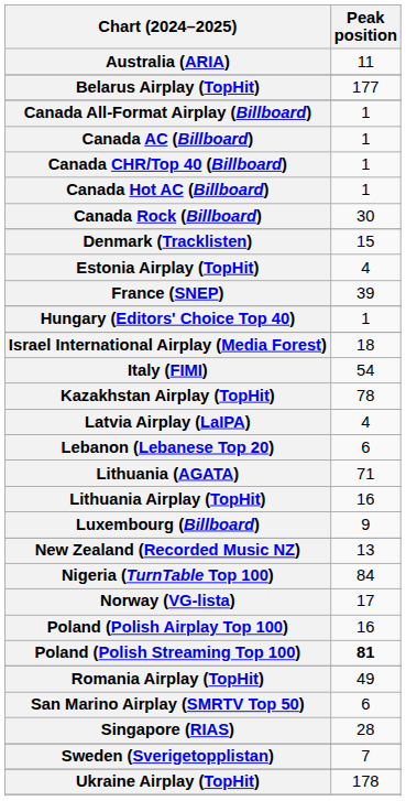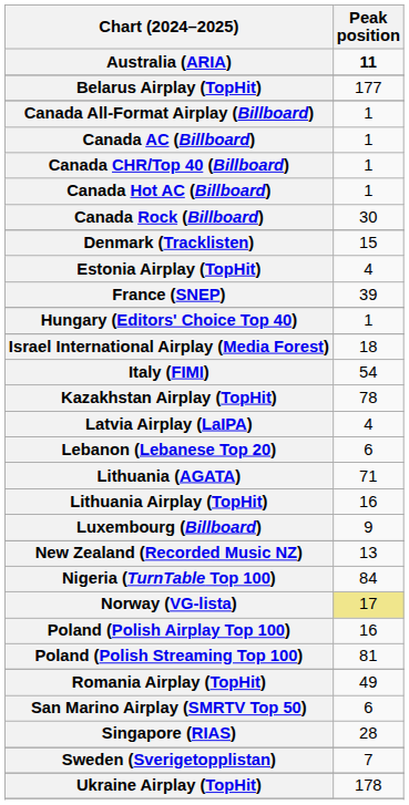 <table class="wikitable sortable plainrowheaders" style="text-align:center">
 <tr>
 <th scope="col">Chart (2024–2025)</th>
 <th scope="col">Peak<br>position</th>
 </tr>
 <tr>
 <th scope="row">Australia (<a href='#'>ARIA</a>)</th>
-<td>11</td>
+<td><strong>11</strong></td>
 </tr>
 <tr>
 </tr>
 <tr>
 <th scope="row">Belarus Airplay (<a href='#'>TopHit</a>)</th>
 <td>177</td>
 </tr>
 <tr>
 </tr>
 <tr>
 </tr>
 <tr>
 </tr>
 <tr>
 <th scope="row">Canada All-Format Airplay (<em><a href='#'>Billboard</a></em>)</th>
 <td>1</td>
 </tr>
 <tr>
 <th scope="row">Canada <a href='#'>AC</a> (<em><a href='#'>Billboard</a></em>)</th>
 <td>1</td>
 </tr>
 <tr>
 <th scope="row">Canada <a href='#'>CHR/Top 40</a> (<em><a href='#'>Billboard</a></em>)</th>
 <td>1</td>
 </tr>
 <tr>
 <th scope="row">Canada <a href='#'>Hot AC</a> (<em><a href='#'>Billboard</a></em>)</th>
 <td>1</td>
 </tr>
 <tr>
 <th scope="row">Canada <a href='#'>Rock</a> (<em><a href='#'>Billboard</a></em>)</th>
 <td>30</td>
 </tr>
 <tr>
 </tr>
 <tr>
 </tr>
 <tr>
 </tr>
 <tr>
 <th scope="row">Denmark (<a href='#'>Tracklisten</a>)</th>
 <td>15</td>
 </tr>
 <tr>
 <th scope="row">Estonia Airplay (<a href='#'>TopHit</a>)</th>
 <td>4</td>
 </tr>
 <tr>
 <th scope="row">France (<a href='#'>SNEP</a>)</th>
 <td>39</td>
 </tr>
 <tr>
 </tr>
 <tr>
 </tr>
 <tr>
 <th scope="row">Hungary (<a href='#'>Editors' Choice Top 40</a>)</th>
 <td>1</td>
 </tr>
 <tr>
 </tr>
 <tr>
 <th scope="row">Israel International Airplay (<a href='#'>Media Forest</a>)</th>
 <td>18</td>
 </tr>
 <tr>
 <th scope="row">Italy (<a href='#'>FIMI</a>)</th>
 <td>54</td>
 </tr>
 <tr>
 <th scope="row">Kazakhstan Airplay (<a href='#'>TopHit</a>)</th>
 <td>78</td>
 </tr>
 <tr>
 <th scope="row">Latvia Airplay (<a href='#'>LaIPA</a>)</th>
 <td>4</td>
 </tr>
 <tr>
 <th scope="row">Lebanon (<a href='#'>Lebanese Top 20</a>)</th>
 <td>6</td>
 </tr>
 <tr>
 <th scope="row">Lithuania (<a href='#'>AGATA</a>)</th>
 <td>71</td>
 </tr>
 <tr>
 <th scope="row">Lithuania Airplay (<a href='#'>TopHit</a>)</th>
 <td>16</td>
 </tr>
 <tr>
 <th scope="row">Luxembourg (<em><a href='#'>Billboard</a></em>)</th>
 <td>9</td>
 </tr>
 <tr>
 </tr>
 <tr>
 </tr>
 <tr>
 <th scope="row">New Zealand (<a href='#'>Recorded Music NZ</a>)</th>
 <td>13</td>
 </tr>
 <tr>
 <th scope="row">Nigeria (<a href='#'><em>TurnTable</em> Top 100</a>)</th>
 <td>84</td>
 </tr>
 <tr>
 <th scope="row">Norway (<a href='#'>VG-lista</a>)</th>
-<td>17</td>
+<td style="background: khaki;">17</td>
 </tr>
 <tr>
 <th scope="row">Poland (<a href='#'>Polish Airplay Top 100</a>)</th>
 <td>16</td>
 </tr>
 <tr>
 <th scope="row">Poland (<a href='#'>Polish Streaming Top 100</a>)</th>
-<td><strong>81</strong></td>
+<td>81</td>
 </tr>
 <tr>
 </tr>
 <tr>
 <th scope="row">Romania Airplay (<a href='#'>TopHit</a>)</th>
 <td>49</td>
 </tr>
 <tr>
 <th scope="row">San Marino Airplay (<a href='#'>SMRTV Top 50</a>)</th>
 <td>6</td>
 </tr>
 <tr>
 <th scope="row">Singapore (<a href='#'>RIAS</a>)</th>
 <td>28</td>
 </tr>
 <tr>
 </tr>
 <tr>
 </tr>
 <tr>
 </tr>
 <tr>
 <th scope="row">Sweden (<a href='#'>Sverigetopplistan</a>)</th>
 <td>7</td>
 </tr>
 <tr>
 </tr>
 <tr>
 <th scope="row">Ukraine Airplay (<a href='#'>TopHit</a>)</th>
 <td>178</td>
 </tr>
 <tr>
 </tr>
 <tr>
 </tr>
 <tr>
 </tr>
 <tr>
 </tr>
 <tr>
 </tr>
 <tr>
 </tr>
 <tr>
 </tr>
 <tr>
 </tr>
 </table>
